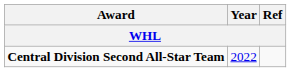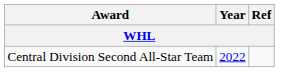 <table class="wikitable">
 <tr>
 <th>Award</th>
 <th>Year</th>
 <th>Ref</th>
 </tr>
 <tr>
 <th colspan="3"><a href='#'>WHL</a></th>
 </tr>
 <tr>
-<td><strong>Central Division Second All-Star Team</strong></td>
+<td>Central Division Second All-Star Team</td>
 <td><a href='#'>2022</a></td>
 <td></td>
 </tr>
 </table>
